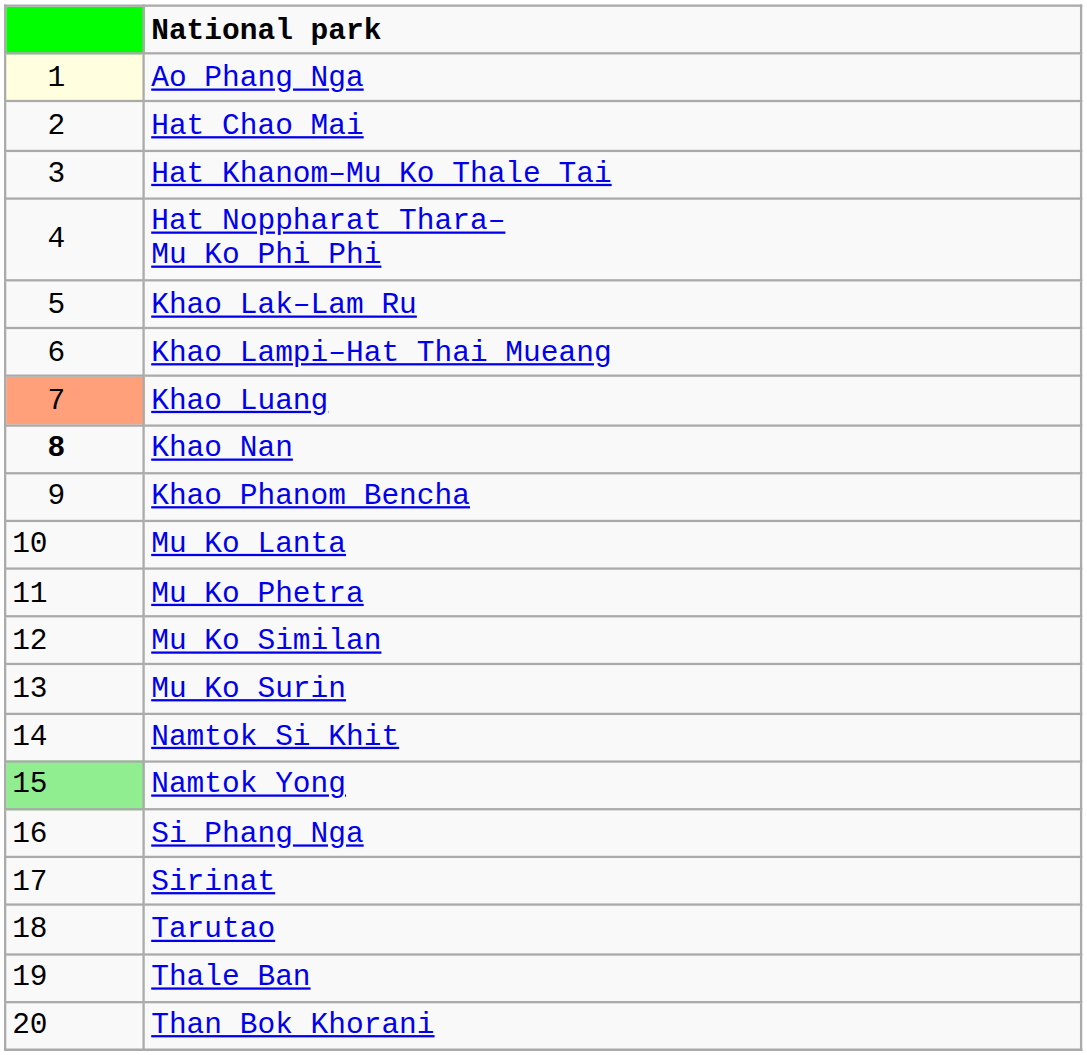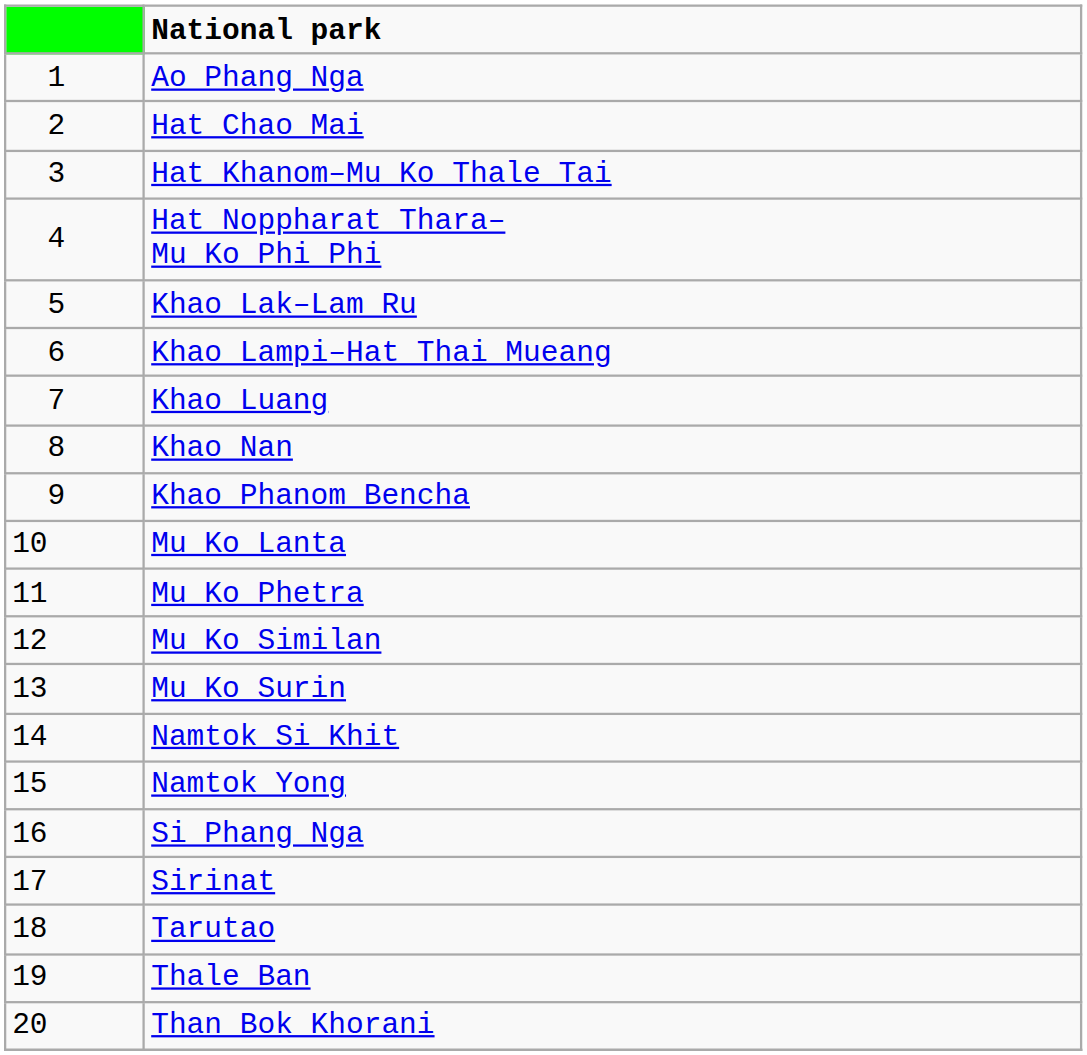 <table class= "wikitable" style= "width:30%; display:inline-table;">
 <tr>
 <td style="width:3%; background:#00FF00;"> </td>
 <td style="width:27%;"><strong>National park</strong></td>
 </tr>
 <tr>
-<td style="background: lightyellow;">  1</td>
+<td>  1</td>
 <td><a href='#'>Ao Phang Nga</a></td>
 </tr>
 <tr>
 <td>  2</td>
 <td><a href='#'>Hat Chao Mai</a></td>
 </tr>
 <tr>
 <td>  3</td>
 <td><a href='#'>Hat Khanom–Mu Ko Thale Tai</a></td>
 </tr>
 <tr>
 <td>  4</td>
 <td><a href='#'>Hat Noppharat Thara–<br>Mu Ko Phi Phi</a></td>
 </tr>
 <tr>
 <td>  5</td>
 <td><a href='#'>Khao Lak–Lam Ru</a></td>
 </tr>
 <tr>
 <td>  6</td>
 <td><a href='#'>Khao Lampi–Hat Thai Mueang</a></td>
 </tr>
 <tr>
-<td style="background: lightsalmon;">  7</td>
+<td>  7</td>
 <td><a href='#'>Khao Luang</a></td>
 </tr>
 <tr>
-<td><strong>  8</strong></td>
+<td>  8</td>
 <td><a href='#'>Khao Nan</a></td>
 </tr>
 <tr>
 <td>  9</td>
 <td><a href='#'>Khao Phanom Bencha</a></td>
 </tr>
 <tr>
 <td>10</td>
 <td><a href='#'>Mu Ko Lanta</a></td>
 </tr>
 <tr>
 <td>11</td>
 <td><a href='#'>Mu Ko Phetra</a></td>
 </tr>
 <tr>
 <td>12</td>
 <td><a href='#'>Mu Ko Similan</a></td>
 </tr>
 <tr>
 <td>13</td>
 <td><a href='#'>Mu Ko Surin</a></td>
 </tr>
 <tr>
 <td>14</td>
 <td><a href='#'>Namtok Si Khit</a></td>
 </tr>
 <tr>
-<td style="background: lightgreen;">15</td>
+<td>15</td>
 <td><a href='#'>Namtok Yong</a></td>
 </tr>
 <tr>
 <td>16</td>
 <td><a href='#'>Si Phang Nga</a></td>
 </tr>
 <tr>
 <td>17</td>
 <td><a href='#'>Sirinat</a></td>
 </tr>
 <tr>
 <td>18</td>
 <td><a href='#'>Tarutao</a></td>
 </tr>
 <tr>
 <td>19</td>
 <td><a href='#'>Thale Ban</a></td>
 </tr>
 <tr>
 <td>20</td>
 <td><a href='#'>Than Bok Khorani</a></td>
 </tr>
 <tr>
 </tr>
 </table>
